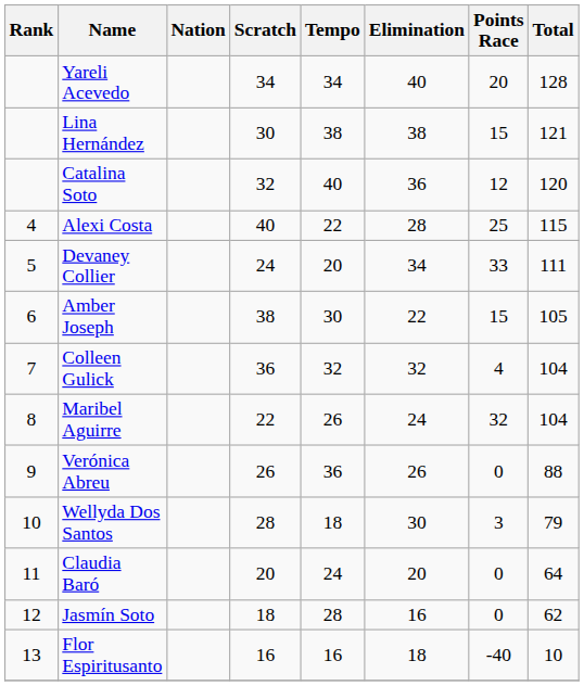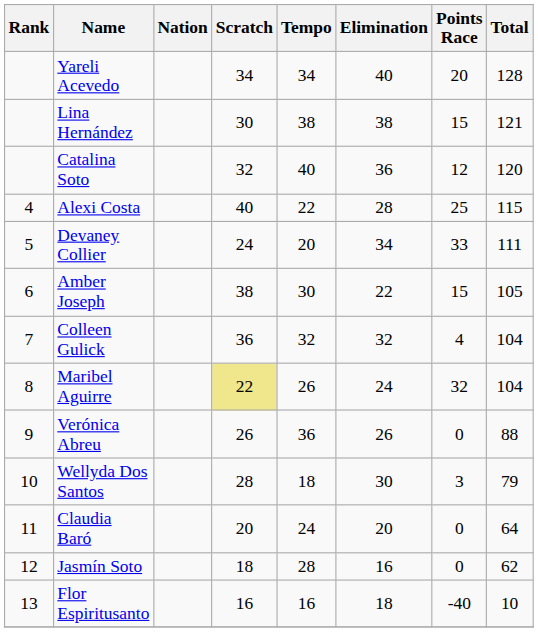 <table class="wikitable sortable" style="text-align:center" width=60%>
 <tr>
 <th>Rank</th>
 <th>Name</th>
 <th>Nation</th>
 <th>Scratch</th>
 <th>Tempo</th>
 <th>Elimination</th>
 <th>Points Race</th>
 <th>Total</th>
 </tr>
 <tr>
 <td></td>
 <td align=left><a href='#'>Yareli Acevedo</a></td>
 <td align=left></td>
 <td>34</td>
 <td>34</td>
 <td>40</td>
 <td>20</td>
 <td>128</td>
 </tr>
 <tr>
 <td></td>
 <td align=left><a href='#'>Lina Hernández</a></td>
 <td align=left></td>
 <td>30</td>
 <td>38</td>
 <td>38</td>
 <td>15</td>
 <td>121</td>
 </tr>
 <tr>
 <td></td>
 <td align=left><a href='#'>Catalina Soto</a></td>
 <td align=left></td>
 <td>32</td>
 <td>40</td>
 <td>36</td>
 <td>12</td>
 <td>120</td>
 </tr>
 <tr>
 <td>4</td>
 <td align=left><a href='#'>Alexi Costa</a></td>
 <td align=left></td>
 <td>40</td>
 <td>22</td>
 <td>28</td>
 <td>25</td>
 <td>115</td>
 </tr>
 <tr>
 <td>5</td>
 <td align=left><a href='#'>Devaney Collier</a></td>
 <td align=left></td>
 <td>24</td>
 <td>20</td>
 <td>34</td>
 <td>33</td>
 <td>111</td>
 </tr>
 <tr>
 <td>6</td>
 <td align=left><a href='#'>Amber Joseph</a></td>
 <td align=left></td>
 <td>38</td>
 <td>30</td>
 <td>22</td>
 <td>15</td>
 <td>105</td>
 </tr>
 <tr>
 <td>7</td>
 <td align=left><a href='#'>Colleen Gulick</a></td>
 <td align=left></td>
 <td>36</td>
 <td>32</td>
 <td>32</td>
 <td>4</td>
 <td>104</td>
 </tr>
 <tr>
 <td>8</td>
 <td align=left><a href='#'>Maribel Aguirre</a></td>
 <td align=left></td>
-<td>22</td>
+<td style="background: khaki;">22</td>
 <td>26</td>
 <td>24</td>
 <td>32</td>
 <td>104</td>
 </tr>
 <tr>
 <td>9</td>
 <td align=left><a href='#'>Verónica Abreu</a></td>
 <td align=left></td>
 <td>26</td>
 <td>36</td>
 <td>26</td>
 <td>0</td>
 <td>88</td>
 </tr>
 <tr>
 <td>10</td>
 <td align=left><a href='#'>Wellyda Dos Santos</a></td>
 <td align=left></td>
 <td>28</td>
 <td>18</td>
 <td>30</td>
 <td>3</td>
 <td>79</td>
 </tr>
 <tr>
 <td>11</td>
 <td align=left><a href='#'>Claudia Baró</a></td>
 <td align=left></td>
 <td>20</td>
 <td>24</td>
 <td>20</td>
 <td>0</td>
 <td>64</td>
 </tr>
 <tr>
 <td>12</td>
 <td align=left><a href='#'>Jasmín Soto</a></td>
 <td align=left></td>
 <td>18</td>
 <td>28</td>
 <td>16</td>
 <td>0</td>
 <td>62</td>
 </tr>
 <tr>
 <td>13</td>
 <td align=left><a href='#'>Flor Espiritusanto</a></td>
 <td align=left></td>
 <td>16</td>
 <td>16</td>
 <td>18</td>
 <td>-40</td>
 <td>10</td>
 </tr>
 <tr>
 </tr>
 </table>
